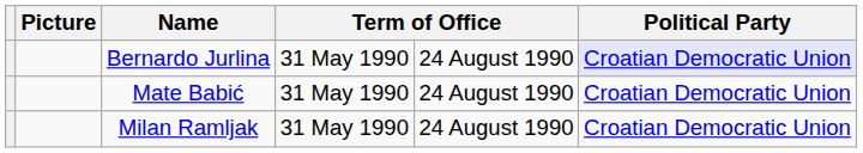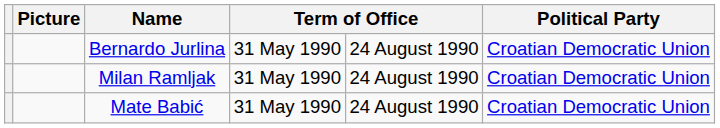 <table class="wikitable" style="text-align:center">
 <tr>
 <th></th>
 <th>Picture</th>
 <th>Name<br></th>
 <th colspan="2">Term of Office</th>
 <th>Political Party</th>
 </tr>
 <tr>
 <th style="background:"></th>
 <td></td>
 <td><a href='#'>Bernardo Jurlina</a><br></td>
 <td>31 May 1990</td>
 <td>24 August 1990</td>
-<td style="background: lavender;"><a href='#'>Croatian Democratic Union</a></td>
-</tr>
-<tr>
-<th style="background:"></th>
-<td></td>
-<td><a href='#'>Mate Babić</a><br></td>
-<td>31 May 1990</td>
-<td>24 August 1990</td>
 <td><a href='#'>Croatian Democratic Union</a></td>
 </tr>
 <tr>
 <th style="background:"></th>
 <td></td>
 <td><a href='#'>Milan Ramljak</a><br></td>
 <td>31 May 1990</td>
 <td>24 August 1990</td>
 <td><a href='#'>Croatian Democratic Union</a></td>
 </tr>
+<tr>
+<th style="background:"></th>
+<td></td>
+<td><a href='#'>Mate Babić</a><br></td>
+<td>31 May 1990</td>
+<td>24 August 1990</td>
+<td><a href='#'>Croatian Democratic Union</a></td>
+</tr>
 </table>
